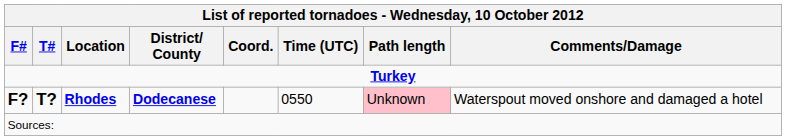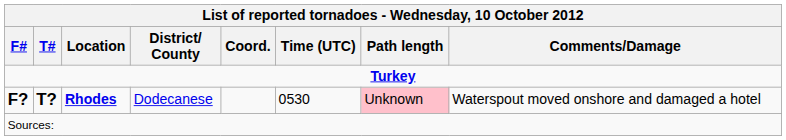 <table class="wikitable collapsible" width="100%">
 <tr>
 <th colspan="8">List of reported tornadoes - Wednesday, 10 October 2012</th>
 </tr>
 <tr>
 <th><a href='#'>F#</a></th>
 <th><a href='#'>T#</a></th>
 <th>Location</th>
 <th>District/<br>County</th>
 <th>Coord.</th>
 <th>Time (UTC)</th>
 <th>Path length</th>
 <th>Comments/Damage</th>
 </tr>
 <tr>
 <td colspan="8" align=center><strong><a href='#'>Turkey</a></strong></td>
 </tr>
 <tr>
 <td><big><strong>F?</strong></big></td>
 <td><big><strong>T?</strong></big></td>
 <td><strong><a href='#'>Rhodes</a></strong></td>
-<td><strong><a href='#'>Dodecanese</a></strong></td>
+<td><a href='#'>Dodecanese</a></td>
 <td></td>
-<td>0550</td>
+<td>0530</td>
 <td style="background: pink;">Unknown</td>
 <td>Waterspout moved onshore and damaged a hotel</td>
 </tr>
 <tr>
 <td colspan="8"><small>Sources:  </small></td>
 </tr>
 </table>
